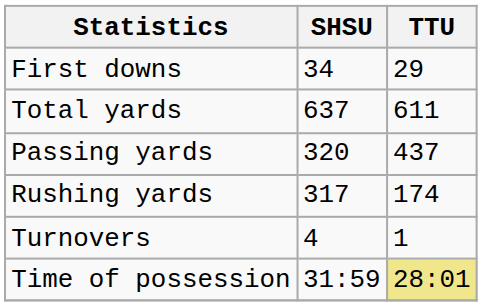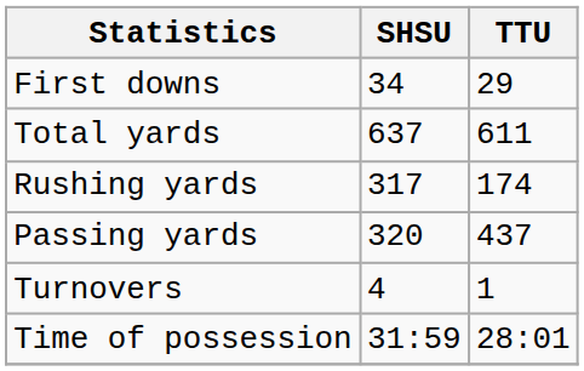 <table class="wikitable" style="float: left;">
 <tr>
 <th>Statistics</th>
 <th>SHSU</th>
 <th>TTU</th>
 </tr>
 <tr>
 <td>First downs</td>
 <td>34</td>
 <td>29</td>
 </tr>
 <tr>
 <td>Total yards</td>
 <td>637</td>
 <td>611</td>
 </tr>
 <tr>
+<td>Rushing yards</td>
+<td>317</td>
+<td>174</td>
+</tr>
+<tr>
 <td>Passing yards</td>
 <td>320</td>
 <td>437</td>
-</tr>
-<tr>
-<td>Rushing yards</td>
-<td>317</td>
-<td>174</td>
 </tr>
 <tr>
 <td>Turnovers</td>
 <td>4</td>
 <td>1</td>
 </tr>
 <tr>
 <td>Time of possession</td>
 <td>31:59</td>
-<td style="background: khaki;">28:01</td>
+<td>28:01</td>
 </tr>
 <tr>
 </tr>
 </table>
